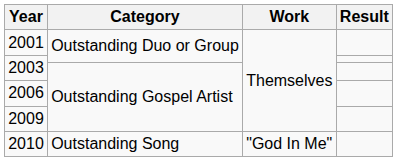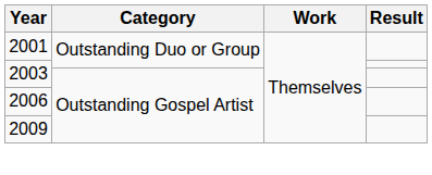 <table class="wikitable">
 <tr>
 <th>Year</th>
 <th>Category</th>
 <th>Work</th>
 <th>Result</th>
 </tr>
 <tr>
 <td>2001</td>
 <td rowspan="2">Outstanding Duo or Group</td>
 <td rowspan="5">Themselves</td>
 <td></td>
 </tr>
 <tr>
 <td rowspan="2">2003</td>
 <td></td>
 </tr>
 <tr>
 <td rowspan="3">Outstanding Gospel Artist</td>
 <td></td>
 </tr>
 <tr>
 <td>2006</td>
 <td></td>
 </tr>
 <tr>
 <td>2009</td>
 <td></td>
 </tr>
 <tr>
-<td>2010</td>
-<td>Outstanding Song</td>
-<td>"God In Me"</td>
-<td></td>
-</tr>
-<tr>
 </tr>
 </table>
